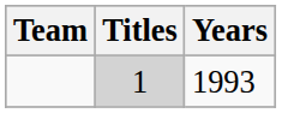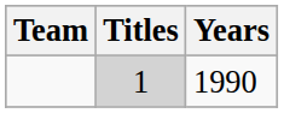 <table class="wikitable sortable" style="text-align:center">
 <tr>
 <th>Team</th>
 <th>Titles</th>
 <th>Years</th>
 </tr>
 <tr>
 <td style=><em></em></td>
 <td style="background: lightgrey;">1</td>
-<td align=left>1993</td>
+<td align=left>1990</td>
 </tr>
 </table>
